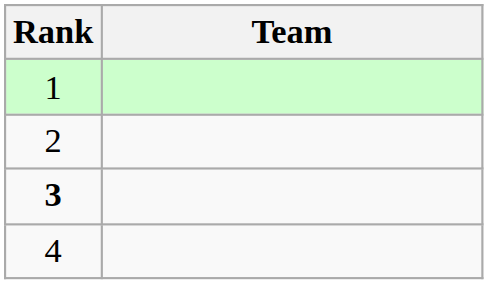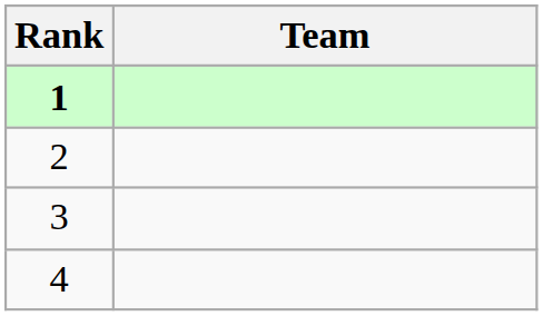 <table class="wikitable">
 <tr>
 <th>Rank</th>
 <th width=170px>Team</th>
 </tr>
 <tr style="background-color: #ccffcc;">
-<td style="text-align:center">1</td>
+<td style="text-align:center"><strong>1</strong></td>
 <td></td>
 </tr>
 <tr>
 <td style="text-align:center">2</td>
 <td></td>
 </tr>
 <tr>
-<td style="text-align:center"><strong>3</strong></td>
+<td style="text-align:center">3</td>
 <td></td>
 </tr>
 <tr>
 <td style="text-align:center">4</td>
 <td></td>
 </tr>
 </table>
